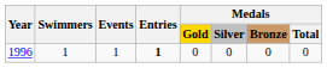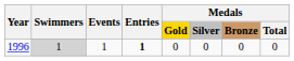 <table class=wikitable>
 <tr>
 <th rowspan=2>Year</th>
 <th rowspan=2>Swimmers</th>
 <th rowspan=2>Events</th>
 <th rowspan=2>Entries</th>
 <th colspan=4>Medals</th>
 </tr>
 <tr>
 <td align=center bgcolor=gold><strong>Gold</strong></td>
 <td align=center bgcolor=silver><strong>Silver</strong></td>
 <td align=center bgcolor=cc9966><strong>Bronze</strong></td>
 <th>Total</th>
 </tr>
 <tr align=center>
 <td><a href='#'>1996</a></td>
-<td>1</td>
+<td style="background: lightgrey;">1</td>
 <td>1</td>
 <td><strong>1</strong></td>
 <td>0</td>
 <td>0</td>
 <td>0</td>
 <td>0</td>
 </tr>
 </table>
